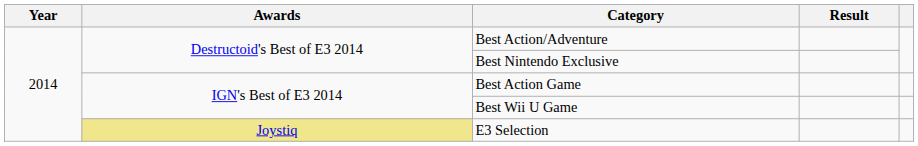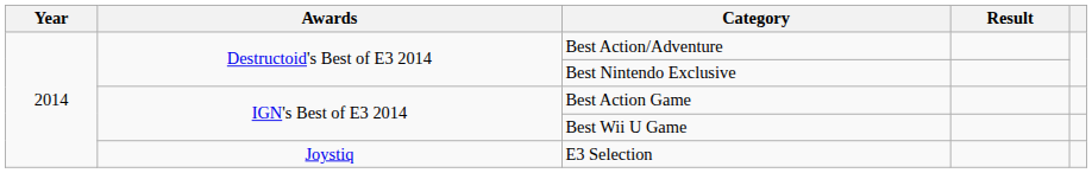 <table class="wikitable sortable mw-collapsible" style="width:80%;">
 <tr>
 <th>Year</th>
 <th>Awards</th>
 <th>Category</th>
 <th>Result</th>
 <th></th>
 </tr>
 <tr>
 <td rowspan="5" align=center>2014</td>
 <td rowspan="2" align=center><a href='#'>Destructoid</a>'s Best of E3 2014</td>
 <td>Best Action/Adventure</td>
 <td></td>
 <td rowspan="2" align=center></td>
 </tr>
 <tr>
 <td>Best Nintendo Exclusive</td>
 <td></td>
 </tr>
 <tr>
 <td rowspan="2" align=center><a href='#'>IGN</a>'s Best of E3 2014</td>
 <td>Best Action Game</td>
 <td></td>
 <td align=center></td>
 </tr>
 <tr>
 <td>Best Wii U Game</td>
 <td></td>
 <td align=center></td>
 </tr>
 <tr>
-<td rowspan="1" align=center style="background: khaki;"><a href='#'>Joystiq</a></td>
+<td rowspan="1" align=center><a href='#'>Joystiq</a></td>
 <td>E3 Selection</td>
 <td></td>
 <td align=center></td>
 </tr>
 </table>
